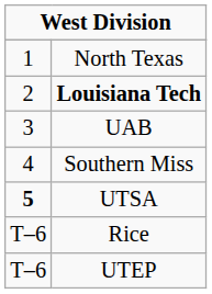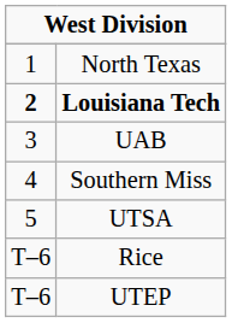 <table class="wikitable">
 <tr align="center">
 <td align="center" Colspan="2"><strong>West Division</strong></td>
 </tr>
 <tr align="center">
 </tr>
 <tr align="center">
 <td>1</td>
 <td>North Texas</td>
 </tr>
 <tr align="center">
-<td>2</td>
+<td><strong>2</strong></td>
 <td><strong>Louisiana Tech</strong></td>
 </tr>
 <tr align="center">
 <td>3</td>
 <td>UAB</td>
 </tr>
 <tr align="center">
 <td>4</td>
 <td>Southern Miss</td>
 </tr>
 <tr align="center">
-<td><strong>5</strong></td>
+<td>5</td>
 <td>UTSA</td>
 </tr>
 <tr align="center">
 <td>T–6</td>
 <td>Rice</td>
 </tr>
 <tr align="center">
 <td>T–6</td>
 <td>UTEP</td>
 </tr>
 </table>
